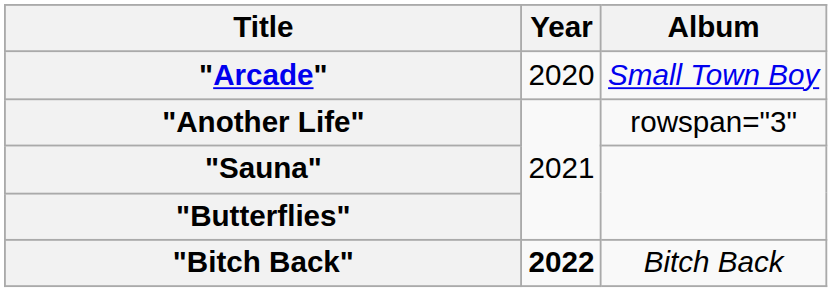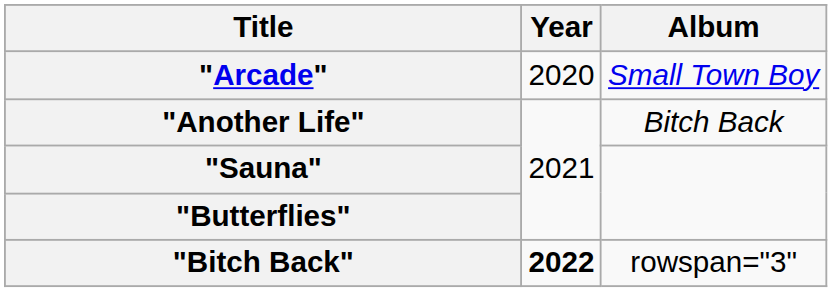 <table class="wikitable plainrowheaders" style="text-align:center;">
 <tr>
 <th scope="col" style="width:17em;">Title</th>
 <th scope="col" style="width:1em;">Year</th>
 <th scope="col">Album</th>
 </tr>
 <tr>
 <th scope="row">"<a href='#'>Arcade</a>"<br></th>
 <td>2020</td>
 <td><em><a href='#'>Small Town Boy</a></em></td>
 </tr>
 <tr>
 <th scope="row">"Another Life"<br></th>
 <td rowspan="3">2021</td>
-<td>rowspan="3" </td>
+<td><em>Bitch Back</em></td>
 </tr>
 <tr>
 <th scope="row">"Sauna"<br></th>
 </tr>
 <tr>
 <th scope="row">"Butterflies"<br></th>
 </tr>
 <tr>
 <th scope="row">"Bitch Back"<br></th>
 <td><strong>2022</strong></td>
-<td><em>Bitch Back</em></td>
+<td>rowspan="3" </td>
 </tr>
 </table>
